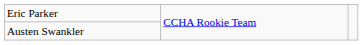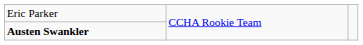 <table class="wikitable" width=40%>
 <tr>
 <td>Eric Parker</td>
 <td rowspan=3><a href='#'>CCHA Rookie Team</a></td>
 <td rowspan=3></td>
 </tr>
 <tr>
-<td>Austen Swankler</td>
+<td><strong>Austen Swankler</strong></td>
 </tr>
 </table>
